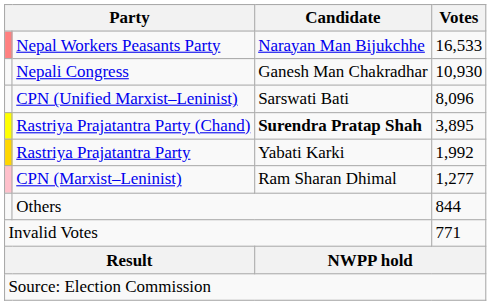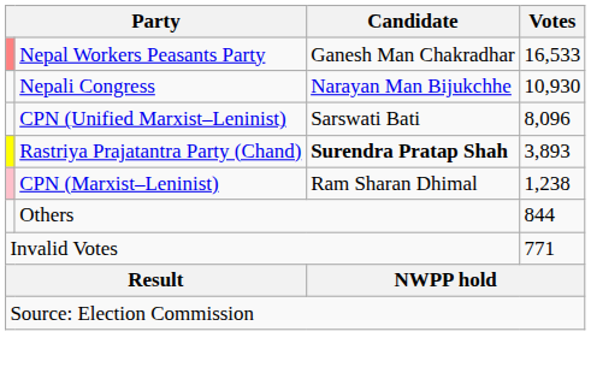 <table class="wikitable">
 <tr>
 <th colspan="2">Party</th>
 <th>Candidate</th>
 <th>Votes</th>
 </tr>
 <tr>
 <td style="background-color:#FF8080"></td>
 <td><a href='#'>Nepal Workers Peasants Party</a></td>
-<td><a href='#'>Narayan Man Bijukchhe</a></td>
+<td>Ganesh Man Chakradhar</td>
 <td>16,533</td>
 </tr>
 <tr>
 <td style="background-color:"></td>
 <td><a href='#'>Nepali Congress</a></td>
-<td>Ganesh Man Chakradhar</td>
+<td><a href='#'>Narayan Man Bijukchhe</a></td>
 <td>10,930</td>
 </tr>
 <tr>
 <td style="background-color:"></td>
 <td><a href='#'>CPN (Unified Marxist–Leninist)</a></td>
 <td>Sarswati Bati</td>
 <td>8,096</td>
 </tr>
 <tr>
 <td style="background-color:yellow"></td>
 <td><a href='#'>Rastriya Prajatantra Party (Chand)</a></td>
 <td><strong>Surendra Pratap Shah</strong></td>
-<td>3,895</td>
-</tr>
-<tr>
-<td style="background-color:gold"></td>
-<td><a href='#'>Rastriya Prajatantra Party</a></td>
-<td>Yabati Karki</td>
-<td>1,992</td>
+<td>3,893</td>
 </tr>
 <tr>
 <td style="background-color:pink"></td>
 <td><a href='#'>CPN (Marxist–Leninist)</a></td>
 <td>Ram Sharan Dhimal</td>
-<td>1,277</td>
+<td>1,238</td>
 </tr>
 <tr>
 <td></td>
 <td colspan="2">Others</td>
 <td>844</td>
 </tr>
 <tr>
 <td colspan="3">Invalid Votes</td>
 <td>771</td>
 </tr>
 <tr>
 <th colspan="2">Result</th>
 <th colspan="2">NWPP hold</th>
 </tr>
 <tr>
 <td colspan="4">Source: Election Commission</td>
 </tr>
 </table>
